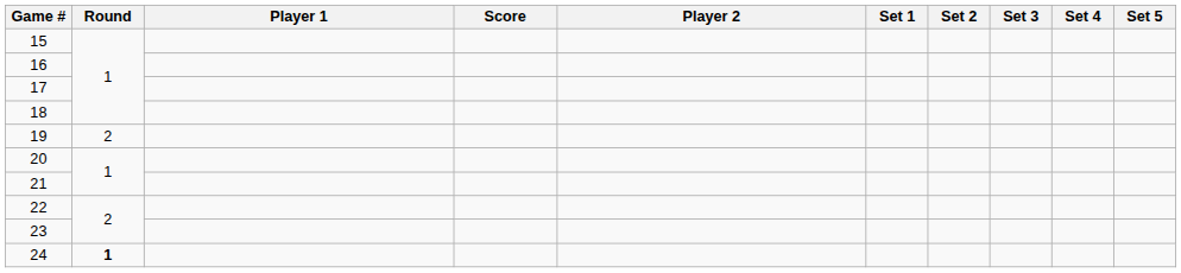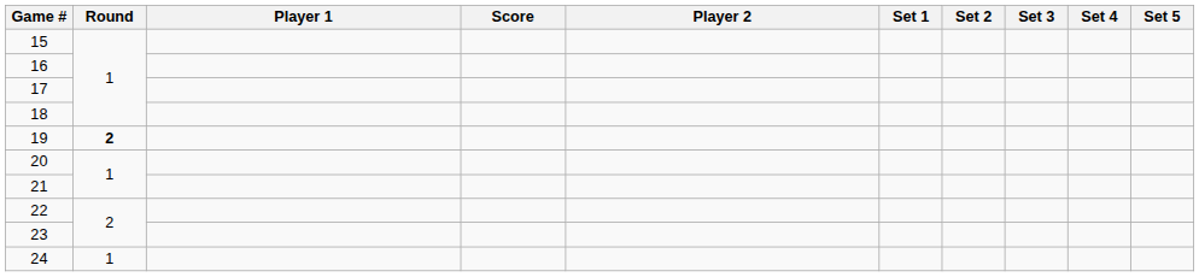 <table class="wikitable">
 <tr>
 <th width="2%">Game #</th>
 <th width="2%">Round</th>
 <th width="15%">Player 1</th>
 <th width="5%">Score</th>
 <th width="15%">Player 2</th>
 <th width="3%">Set 1</th>
 <th width="3%">Set 2</th>
 <th width="3%">Set 3</th>
 <th width="3%">Set 4</th>
 <th width="3%">Set 5</th>
 </tr>
 <tr style=text-align:center;>
 <td>15</td>
 <td rowspan=4>1</td>
 <td></td>
 <td></td>
 <td></td>
 <td></td>
 <td></td>
 <td></td>
 <td></td>
 <td></td>
 </tr>
 <tr style=text-align:center;>
 <td>16</td>
 <td></td>
 <td></td>
 <td></td>
 <td></td>
 <td></td>
 <td></td>
 <td></td>
 <td></td>
 </tr>
 <tr style=text-align:center;>
 <td>17</td>
 <td></td>
 <td></td>
 <td></td>
 <td></td>
 <td></td>
 <td></td>
 <td></td>
 <td></td>
 </tr>
 <tr style=text-align:center;>
 <td>18</td>
 <td></td>
 <td></td>
 <td></td>
 <td></td>
 <td></td>
 <td></td>
 <td></td>
 <td></td>
 </tr>
 <tr style=text-align:center;>
 <td>19</td>
-<td>2</td>
+<td><strong>2</strong></td>
 <td></td>
 <td></td>
 <td></td>
 <td></td>
 <td></td>
 <td></td>
 <td></td>
 <td></td>
 </tr>
 <tr style=text-align:center;>
 <td>20</td>
 <td rowspan=2>1</td>
 <td></td>
 <td></td>
 <td></td>
 <td></td>
 <td></td>
 <td></td>
 <td></td>
 <td></td>
 </tr>
 <tr style=text-align:center;>
 <td>21</td>
 <td></td>
 <td></td>
 <td></td>
 <td></td>
 <td></td>
 <td></td>
 <td></td>
 <td></td>
 </tr>
 <tr style=text-align:center;>
 <td>22</td>
 <td rowspan=2>2</td>
 <td></td>
 <td></td>
 <td></td>
 <td></td>
 <td></td>
 <td></td>
 <td></td>
 <td></td>
 </tr>
 <tr style=text-align:center;>
 <td>23</td>
 <td></td>
 <td></td>
 <td></td>
 <td></td>
 <td></td>
 <td></td>
 <td></td>
 <td></td>
 </tr>
 <tr style=text-align:center;>
 <td>24</td>
-<td><strong>1</strong></td>
+<td>1</td>
 <td></td>
 <td></td>
 <td></td>
 <td></td>
 <td></td>
 <td></td>
 <td></td>
 <td></td>
 </tr>
 </table>
